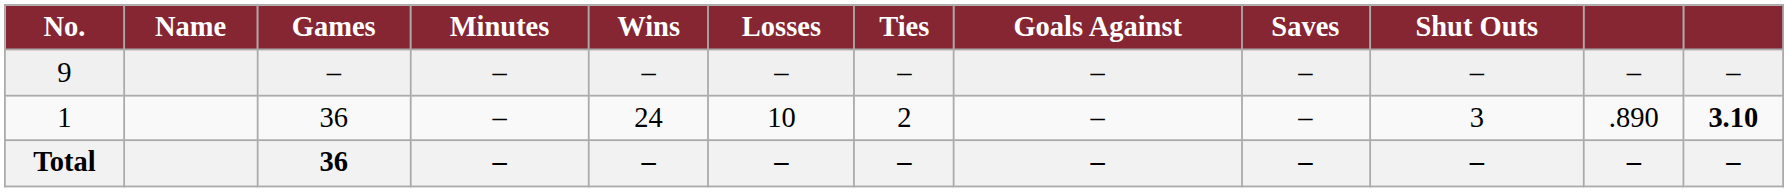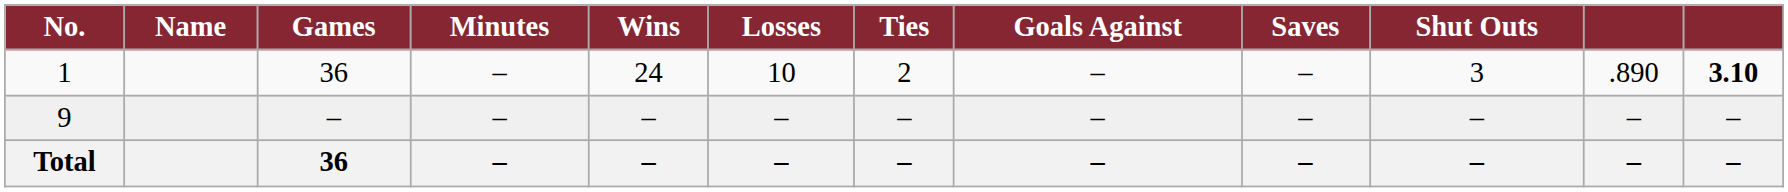 <table class="wikitable sortable" width ="1000">
 <tr align="center">
 <th style="color:white; background:#862633; ">No.</th>
 <th style="color:white; background:#862633; ">Name</th>
 <th style="color:white; background:#862633; ">Games</th>
 <th style="color:white; background:#862633; ">Minutes</th>
 <th style="color:white; background:#862633; ">Wins</th>
 <th style="color:white; background:#862633; ">Losses</th>
 <th style="color:white; background:#862633; ">Ties</th>
 <th style="color:white; background:#862633; ">Goals Against</th>
 <th style="color:white; background:#862633; ">Saves</th>
 <th style="color:white; background:#862633; ">Shut Outs</th>
 <th style="color:white; background:#862633; "><a href='#'></a></th>
 <th style="color:white; background:#862633; "><a href='#'></a></th>
 </tr>
+<tr align="center" bgcolor="">
+<td>1</td>
+<td></td>
+<td>36</td>
+<td>–</td>
+<td>24</td>
+<td>10</td>
+<td>2</td>
+<td>–</td>
+<td>–</td>
+<td>3</td>
+<td>.890</td>
+<td><strong>3.10</strong></td>
+</tr>
 <tr align="center" bgcolor="#f0f0f0">
 <td>9</td>
 <td></td>
 <td>–</td>
 <td>–</td>
 <td>–</td>
 <td>–</td>
 <td>–</td>
 <td>–</td>
 <td>–</td>
 <td>–</td>
 <td>–</td>
 <td>–</td>
-</tr>
-<tr align="center" bgcolor="">
-<td>1</td>
-<td></td>
-<td>36</td>
-<td>–</td>
-<td>24</td>
-<td>10</td>
-<td>2</td>
-<td>–</td>
-<td>–</td>
-<td>3</td>
-<td>.890</td>
-<td><strong>3.10</strong></td>
 </tr>
 <tr>
 <th>Total</th>
 <th></th>
 <th>36</th>
 <th>–</th>
 <th>–</th>
 <th>–</th>
 <th>–</th>
 <th>–</th>
 <th>–</th>
 <th>–</th>
 <th>–</th>
 <th>–</th>
 </tr>
 </table>
